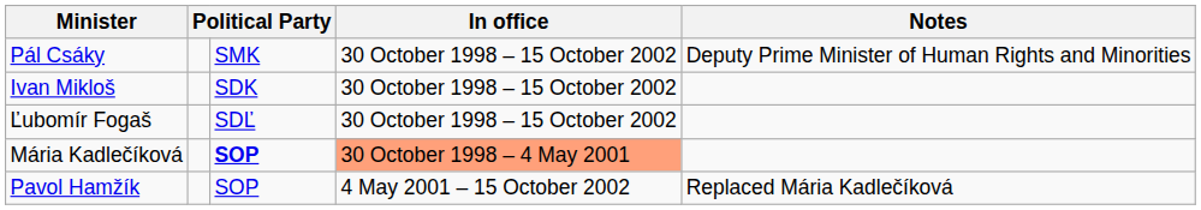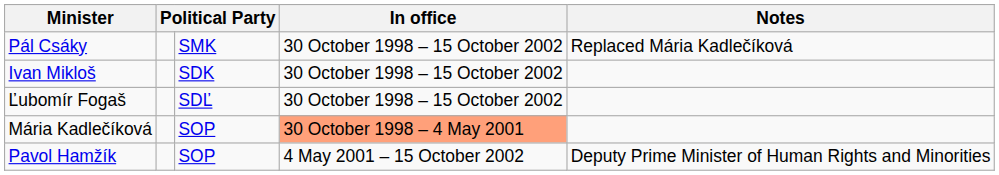 <table class="wikitable">
 <tr>
 <th>Minister</th>
 <th colspan=2>Political Party</th>
 <th>In office</th>
 <th>Notes</th>
 </tr>
 <tr>
 <td><a href='#'>Pál Csáky</a></td>
 <td style="background-color: "></td>
 <td><a href='#'>SMK</a></td>
 <td>30 October 1998 – 15 October 2002</td>
-<td>Deputy Prime Minister of Human Rights and Minorities</td>
+<td>Replaced Mária Kadlečíková</td>
 </tr>
 <tr>
 <td><a href='#'>Ivan Mikloš</a></td>
 <td style="background-color: "></td>
 <td><a href='#'>SDK</a></td>
 <td>30 October 1998 – 15 October 2002</td>
 <td></td>
 </tr>
 <tr>
 <td>Ľubomír Fogaš</td>
 <td style="background-color: "></td>
 <td><a href='#'>SDĽ</a></td>
 <td>30 October 1998 – 15 October 2002</td>
 <td></td>
 </tr>
 <tr>
 <td>Mária Kadlečíková</td>
 <td style="background-color: "></td>
-<td><strong><a href='#'>SOP</a></strong></td>
+<td><a href='#'>SOP</a></td>
 <td style="background: lightsalmon;">30 October 1998 – 4 May 2001</td>
 <td></td>
 </tr>
 <tr>
 <td><a href='#'>Pavol Hamžík</a></td>
 <td style="background-color: "></td>
 <td><a href='#'>SOP</a></td>
 <td>4 May 2001 – 15 October 2002</td>
-<td>Replaced Mária Kadlečíková</td>
+<td>Deputy Prime Minister of Human Rights and Minorities</td>
 </tr>
 </table>
